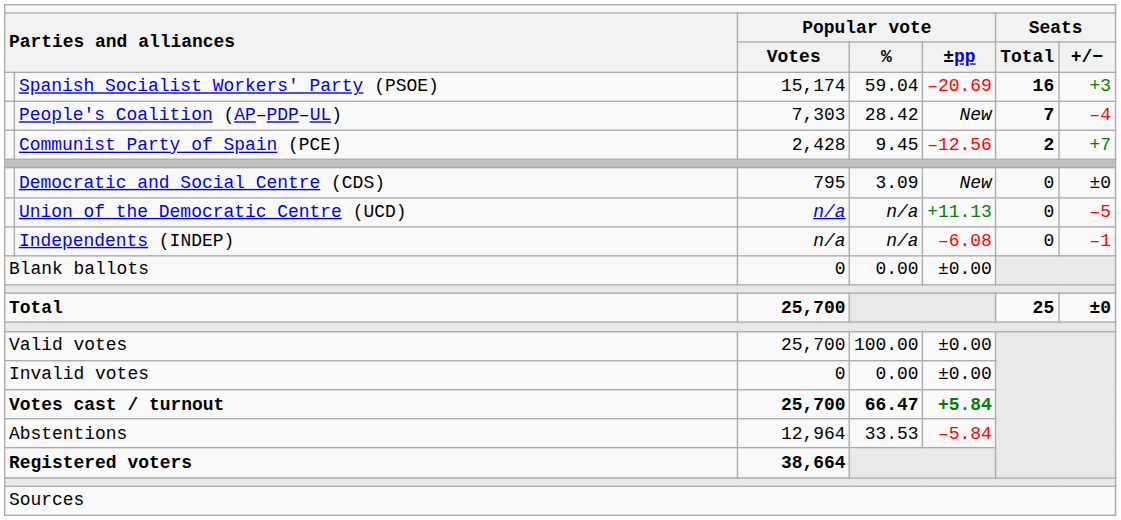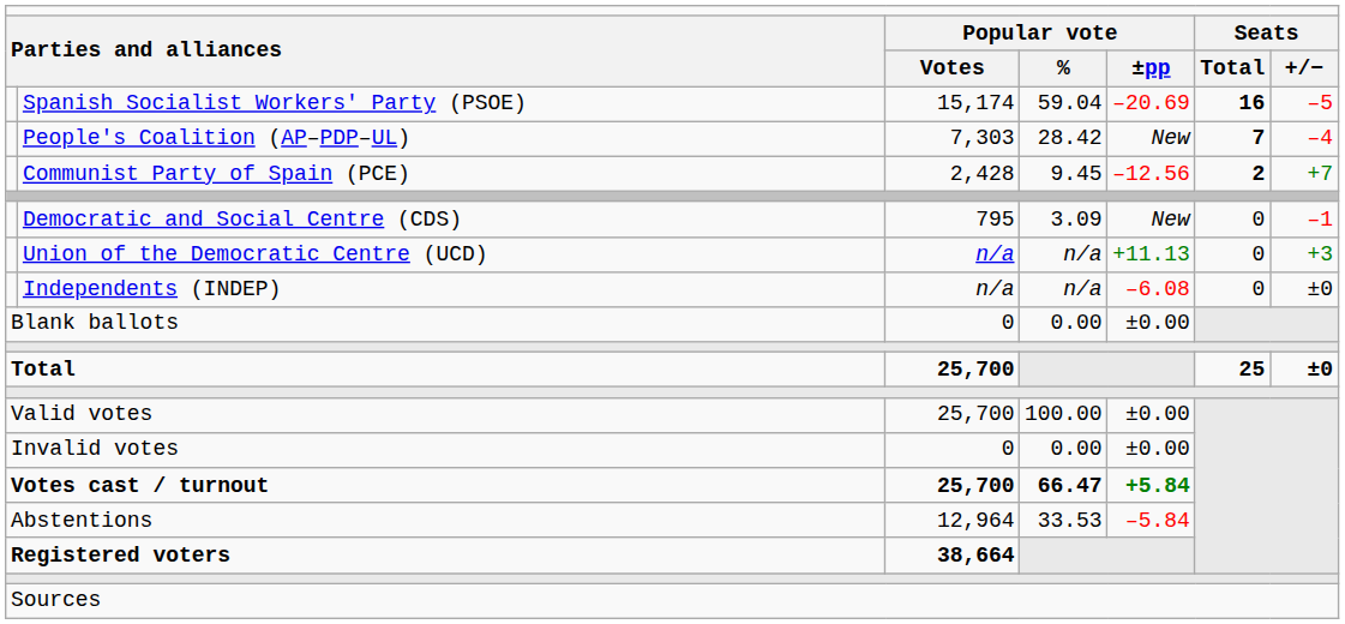 <table class="wikitable" style="text-align:right;">
 <tr>
 <td colspan="7"></td>
 </tr>
 <tr>
 <th style="text-align:left;" rowspan="2" colspan="2" width="525">Parties and alliances</th>
 <th colspan="3">Popular vote</th>
 <th colspan="2">Seats</th>
 </tr>
 <tr>
 <th width="75">Votes</th>
 <th width="45">%</th>
 <th width="45">±<a href='#'>pp</a></th>
 <th width="35">Total</th>
 <th width="35">+/−</th>
 </tr>
 <tr>
 <td width="1" style="color:inherit;background:"></td>
 <td align="left"><a href='#'>Spanish Socialist Workers' Party</a> (PSOE)</td>
 <td>15,174</td>
 <td>59.04</td>
 <td style="color:red;">–20.69</td>
 <td><strong>16</strong></td>
-<td style="color:green;">+3</td>
+<td style="color:red;">–5</td>
 </tr>
 <tr>
 <td style="color:inherit;background:"></td>
 <td align="left"><a href='#'>People's Coalition</a> (<a href='#'>AP</a>–<a href='#'>PDP</a>–<a href='#'>UL</a>)</td>
 <td>7,303</td>
 <td>28.42</td>
 <td><em>New</em></td>
 <td><strong>7</strong></td>
 <td style="color:red;">–4</td>
 </tr>
 <tr>
 <td style="color:inherit;background:"></td>
 <td align="left"><a href='#'>Communist Party of Spain</a> (PCE)</td>
 <td>2,428</td>
 <td>9.45</td>
 <td style="color:red;">–12.56</td>
 <td><strong>2</strong></td>
 <td style="color:green;">+7</td>
 </tr>
 <tr>
 <td colspan="7" bgcolor="#C0C0C0"></td>
 </tr>
 <tr>
 <td style="color:inherit;background:"></td>
 <td align="left"><a href='#'>Democratic and Social Centre</a> (CDS)</td>
 <td>795</td>
 <td>3.09</td>
 <td><em>New</em></td>
 <td>0</td>
-<td>±0</td>
+<td style="color:red;">–1</td>
 </tr>
 <tr>
 <td style="color:inherit;background:"></td>
 <td align="left"><a href='#'>Union of the Democratic Centre</a> (UCD)</td>
 <td><em><a href='#'>n/a</a></em></td>
 <td><em>n/a</em></td>
 <td style="color:green;">+11.13</td>
 <td>0</td>
-<td style="color:red;">–5</td>
+<td style="color:green;">+3</td>
 </tr>
 <tr>
 <td style="color:inherit;background:"></td>
 <td align="left"><a href='#'>Independents</a> (INDEP)</td>
 <td><em>n/a</em></td>
 <td><em>n/a</em></td>
 <td style="color:red;">–6.08</td>
 <td>0</td>
-<td style="color:red;">–1</td>
+<td>±0</td>
 </tr>
 <tr>
 <td align="left" colspan="2">Blank ballots</td>
 <td>0</td>
 <td>0.00</td>
 <td>±0.00</td>
 <td bgcolor="#E9E9E9" colspan="2"></td>
 </tr>
 <tr>
 <td colspan="7" bgcolor="#E9E9E9"></td>
 </tr>
 <tr style="font-weight:bold;">
 <td align="left" colspan="2">Total</td>
 <td>25,700</td>
 <td bgcolor="#E9E9E9" colspan="2"></td>
 <td>25</td>
 <td>±0</td>
 </tr>
 <tr>
 <td colspan="7" bgcolor="#E9E9E9"></td>
 </tr>
 <tr>
 <td align="left" colspan="2">Valid votes</td>
 <td>25,700</td>
 <td>100.00</td>
 <td>±0.00</td>
 <td bgcolor="#E9E9E9" colspan="2" rowspan="5"></td>
 </tr>
 <tr>
 <td align="left" colspan="2">Invalid votes</td>
 <td>0</td>
 <td>0.00</td>
 <td>±0.00</td>
 </tr>
 <tr style="font-weight:bold;">
 <td align="left" colspan="2">Votes cast / turnout</td>
 <td>25,700</td>
 <td>66.47</td>
 <td style="color:green;">+5.84</td>
 </tr>
 <tr>
 <td align="left" colspan="2">Abstentions</td>
 <td>12,964</td>
 <td>33.53</td>
 <td style="color:red;">–5.84</td>
 </tr>
 <tr style="font-weight:bold;">
 <td align="left" colspan="2">Registered voters</td>
 <td>38,664</td>
 <td bgcolor="#E9E9E9" colspan="2"></td>
 </tr>
 <tr>
 <td colspan="7" bgcolor="#E9E9E9"></td>
 </tr>
 <tr>
 <td align="left" colspan="7">Sources</td>
 </tr>
 </table>
